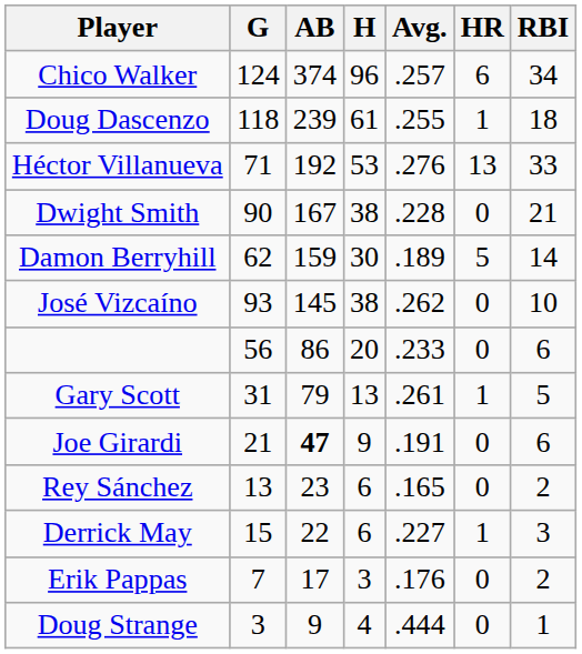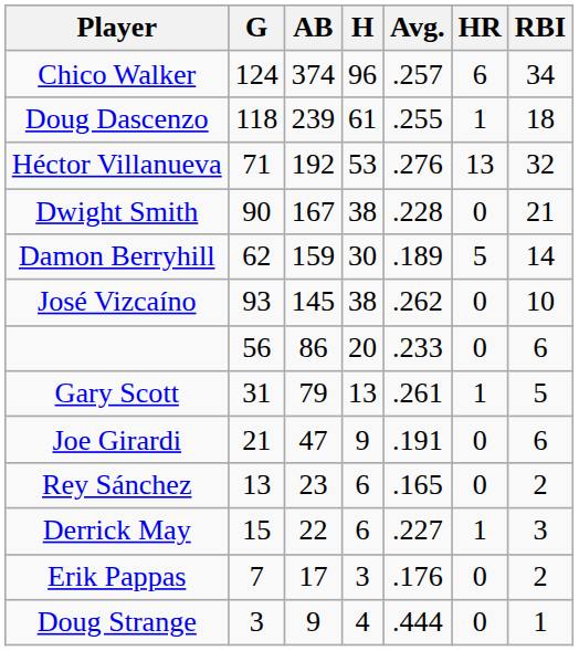 <table class="wikitable sortable" style="text-align:center">
 <tr>
 <th>Player</th>
 <th>G</th>
 <th>AB</th>
 <th>H</th>
 <th>Avg.</th>
 <th>HR</th>
 <th>RBI</th>
 </tr>
 <tr>
 <td><a href='#'>Chico Walker</a></td>
 <td>124</td>
 <td>374</td>
 <td>96</td>
 <td>.257</td>
 <td>6</td>
 <td>34</td>
 </tr>
 <tr>
 <td><a href='#'>Doug Dascenzo</a></td>
 <td>118</td>
 <td>239</td>
 <td>61</td>
 <td>.255</td>
 <td>1</td>
 <td>18</td>
 </tr>
 <tr>
 <td><a href='#'>Héctor Villanueva</a></td>
 <td>71</td>
 <td>192</td>
 <td>53</td>
 <td>.276</td>
 <td>13</td>
-<td>33</td>
+<td>32</td>
 </tr>
 <tr>
 <td><a href='#'>Dwight Smith</a></td>
 <td>90</td>
 <td>167</td>
 <td>38</td>
 <td>.228</td>
 <td>0</td>
 <td>21</td>
 </tr>
 <tr>
 <td><a href='#'>Damon Berryhill</a></td>
 <td>62</td>
 <td>159</td>
 <td>30</td>
 <td>.189</td>
 <td>5</td>
 <td>14</td>
 </tr>
 <tr>
 <td><a href='#'>José Vizcaíno</a></td>
 <td>93</td>
 <td>145</td>
 <td>38</td>
 <td>.262</td>
 <td>0</td>
 <td>10</td>
 </tr>
 <tr>
 <td></td>
 <td>56</td>
 <td>86</td>
 <td>20</td>
 <td>.233</td>
 <td>0</td>
 <td>6</td>
 </tr>
 <tr>
 <td><a href='#'>Gary Scott</a></td>
 <td>31</td>
 <td>79</td>
 <td>13</td>
 <td>.261</td>
 <td>1</td>
 <td>5</td>
 </tr>
 <tr>
 <td><a href='#'>Joe Girardi</a></td>
 <td>21</td>
-<td><strong>47</strong></td>
+<td>47</td>
 <td>9</td>
 <td>.191</td>
 <td>0</td>
 <td>6</td>
 </tr>
 <tr>
 <td><a href='#'>Rey Sánchez</a></td>
 <td>13</td>
 <td>23</td>
 <td>6</td>
 <td>.165</td>
 <td>0</td>
 <td>2</td>
 </tr>
 <tr>
 <td><a href='#'>Derrick May</a></td>
 <td>15</td>
 <td>22</td>
 <td>6</td>
 <td>.227</td>
 <td>1</td>
 <td>3</td>
 </tr>
 <tr>
 <td><a href='#'>Erik Pappas</a></td>
 <td>7</td>
 <td>17</td>
 <td>3</td>
 <td>.176</td>
 <td>0</td>
 <td>2</td>
 </tr>
 <tr>
 <td><a href='#'>Doug Strange</a></td>
 <td>3</td>
 <td>9</td>
 <td>4</td>
 <td>.444</td>
 <td>0</td>
 <td>1</td>
 </tr>
 </table>
